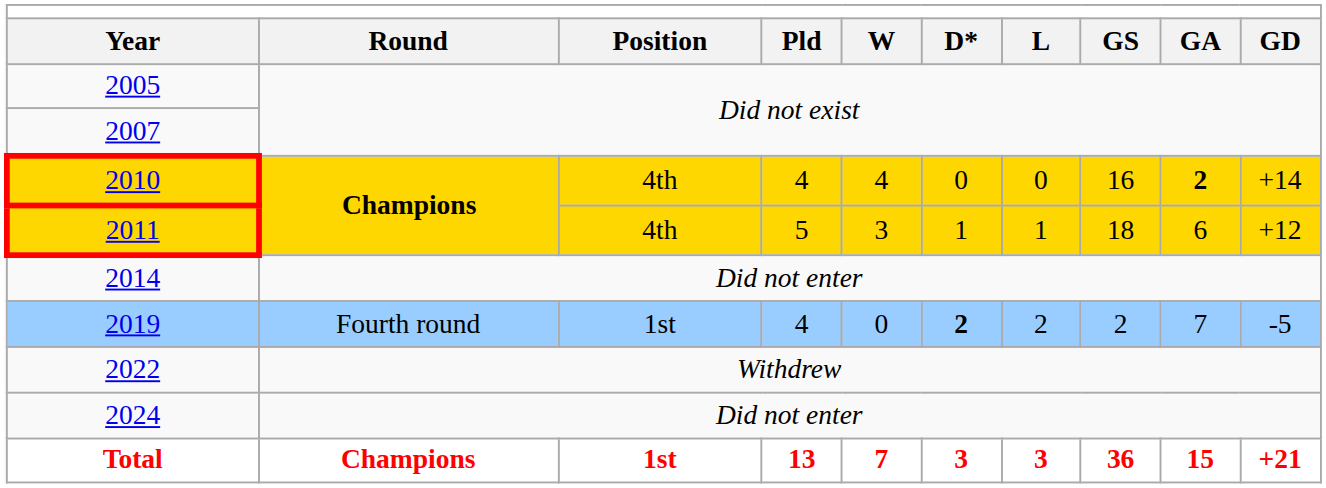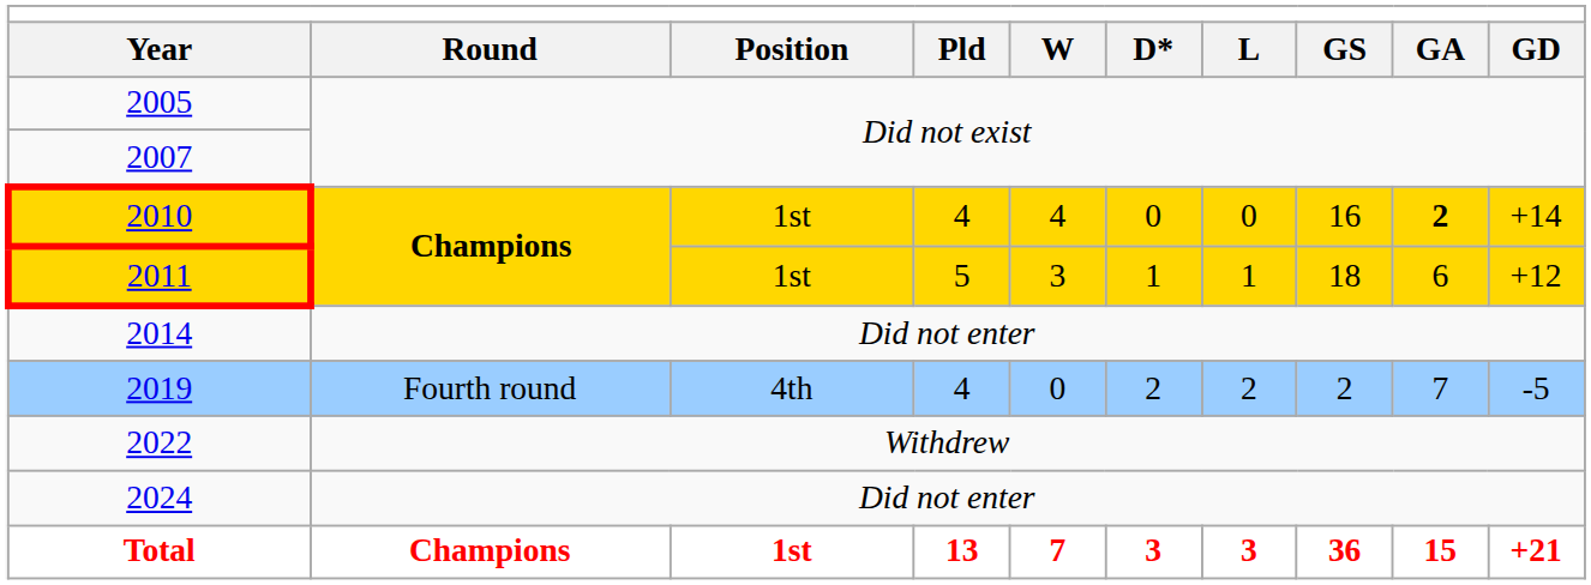 <table class="wikitable" style="text-align: center;font-size:90%;">
 <tr>
 <th colspan="10" style="background: #FFFFFF; color: red;"><a href='#'></a></th>
 </tr>
 <tr>
 <th width=125>Year</th>
 <th width=150>Round</th>
 <th width=100>Position</th>
 <th width=35>Pld</th>
 <th width=35>W</th>
 <th width=35>D*</th>
 <th width=35>L</th>
 <th width=35>GS</th>
 <th width=35>GA</th>
 <th width=35>GD</th>
 </tr>
 <tr>
 <td> <a href='#'>2005</a></td>
 <td colspan=9 rowspan=2><em>Did not exist</em></td>
 </tr>
 <tr>
 <td> <a href='#'>2007</a></td>
 </tr>
 <tr style="background:gold;">
 <td style="border:3px solid red;"> <a href='#'>2010</a></td>
 <td rowspan=2><strong>Champions</strong></td>
-<td>4th</td>
+<td>1st</td>
 <td>4</td>
 <td>4</td>
 <td>0</td>
 <td>0</td>
 <td>16</td>
 <td><strong>2</strong></td>
 <td>+14</td>
 </tr>
 <tr style="background:gold;">
 <td style="border:3px solid red;"> <a href='#'>2011</a></td>
-<td>4th</td>
+<td>1st</td>
 <td>5</td>
 <td>3</td>
 <td>1</td>
 <td>1</td>
 <td>18</td>
 <td>6</td>
 <td>+12</td>
 </tr>
 <tr>
 <td> <a href='#'>2014</a></td>
 <td colspan=9><em>Did not enter</em></td>
 </tr>
 <tr style="background:#9acdff;">
 <td> <a href='#'>2019</a></td>
 <td>Fourth round</td>
-<td>1st</td>
+<td>4th</td>
 <td>4</td>
 <td>0</td>
-<td><strong>2</strong></td>
+<td>2</td>
 <td>2</td>
 <td>2</td>
 <td>7</td>
 <td>-5</td>
 </tr>
 <tr>
 <td> <a href='#'>2022</a></td>
 <td colspan=9><em>Withdrew</em></td>
 </tr>
 <tr>
 <td> <a href='#'>2024</a></td>
 <td colspan=9><em>Did not enter</em></td>
 </tr>
 <tr>
 <td colspan=1 style="background: #FFFFFF; color: red;"><strong>Total</strong></td>
 <td style="background: #FFFFFF; color: red;"><strong>Champions</strong></td>
 <td style="background: #FFFFFF; color: red;"><strong>1st</strong></td>
 <td style="background: #FFFFFF; color: red;"><strong>13</strong></td>
 <td style="background: #FFFFFF; color: red;"><strong>7</strong></td>
 <td style="background: #FFFFFF; color: red;"><strong>3</strong></td>
 <td style="background: #FFFFFF; color: red;"><strong>3</strong></td>
 <td style="background: #FFFFFF; color: red;"><strong>36</strong></td>
 <td style="background: #FFFFFF; color: red;"><strong>15</strong></td>
 <td style="background: #FFFFFF; color: red;"><strong>+21</strong></td>
 </tr>
 </table>
